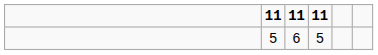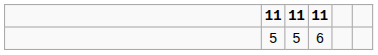 <table class="wikitable">
 <tr>
 <td style="width:18em"><strong></strong></td>
 <td align=center style="width:1em"><strong>11</strong></td>
 <td align=center style="width:1em"><strong>11</strong></td>
 <td align=center style="width:1em"><strong>11</strong></td>
 <td align=center style="width:1em"></td>
 <td align=center style="width:1em"></td>
 </tr>
 <tr>
 <td style="width:18em"></td>
 <td align=center style="width:1em">5</td>
+<td align=center style="width:1em">5</td>
 <td align=center style="width:1em">6</td>
-<td align=center style="width:1em">5</td>
 <td align=center style="width:1em"></td>
 <td align=center style="width:1em"></td>
 </tr>
 </table>
